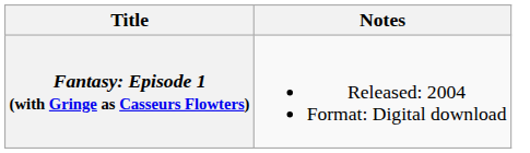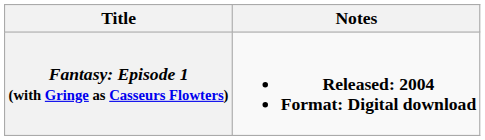 <table class="wikitable plainrowheaders" style="text-align:center;">
 <tr>
 <th scope="col">Title</th>
 <th scope="col">Notes</th>
 </tr>
 <tr>
 <th scope="row"><em>Fantasy: Episode 1</em><br><small>(with <a href='#'>Gringe</a> as <a href='#'>Casseurs Flowters</a>)</small></th>
-<td><br><ul><li>Released: 2004</li><li>Format: Digital download</li></ul></td>
+<td><strong><br><ul><li>Released: 2004</li><li>Format: Digital download</li></ul></strong></td>
 </tr>
 </table>
